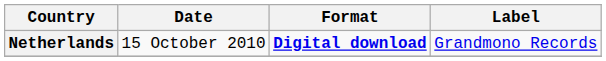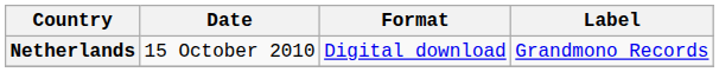 <table class="wikitable plainrowheaders">
 <tr>
 <th scope="col">Country</th>
 <th scope="col">Date</th>
 <th scope="col">Format</th>
 <th scope="col">Label</th>
 </tr>
 <tr>
 <th scope="row">Netherlands</th>
 <td>15 October 2010</td>
-<td><strong><a href='#'>Digital download</a></strong></td>
+<td><a href='#'>Digital download</a></td>
 <td><a href='#'>Grandmono Records</a></td>
 </tr>
 <tr>
 </tr>
 </table>
